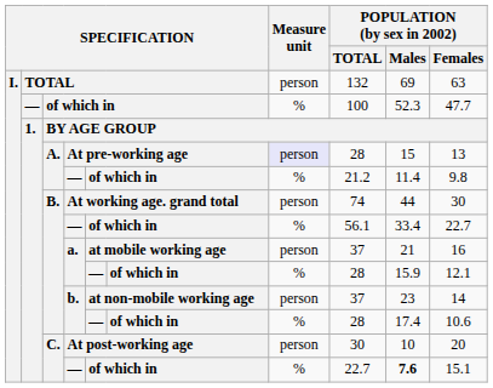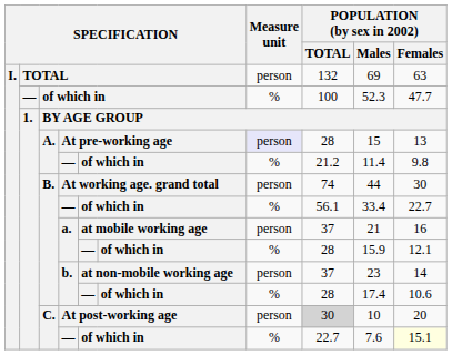 <table class="wikitable" style="font-size:85%; text-align:center">
 <tr>
 <th rowspan="2" colspan="6">SPECIFICATION</th>
 <th rowspan="2">Measure<br> unit</th>
 <th colspan="3" rowspan="1">POPULATION<br> (by sex in 2002)</th>
 </tr>
 <tr>
 <th>TOTAL</th>
 <th>Males</th>
 <th>Females</th>
 </tr>
 <tr>
 <th style="text-align:left" valign="top" rowspan="13">I.</th>
 <th style="text-align:left" colspan="5">TOTAL</th>
 <td>person</td>
 <td>132</td>
 <td>69</td>
 <td>63</td>
 </tr>
 <tr>
 <th style="text-align:left" valign="top">—</th>
 <th style="text-align:left" colspan="4">of which in</th>
 <td>%</td>
 <td>100</td>
 <td>52.3</td>
 <td>47.7</td>
 </tr>
 <tr>
 <th style="text-align:left" valign="top" rowspan="11">1.</th>
 <th style="text-align:left" colspan="19">BY AGE GROUP</th>
 </tr>
 <tr>
 <th style="text-align:left" valign="top" rowspan="2">A.</th>
 <th style="text-align:left" colspan="3">At pre-working age</th>
 <td style="background: lavender;">person</td>
 <td>28</td>
 <td>15</td>
 <td>13</td>
 </tr>
 <tr>
 <th style="text-align:left" valign="top">—</th>
 <th style="text-align:left" valign="top" colspan="2">of which in</th>
 <td>%</td>
 <td>21.2</td>
 <td>11.4</td>
 <td>9.8</td>
 </tr>
 <tr>
 <th style="text-align:left" valign="top" rowspan="6">B.</th>
 <th style="text-align:left" colspan="3">At working age. grand total</th>
 <td>person</td>
 <td>74</td>
 <td>44</td>
 <td>30</td>
 </tr>
 <tr>
 <th style="text-align:left" valign="top">—</th>
 <th style="text-align:left" valign="top" colspan="2">of which in</th>
 <td>%</td>
 <td>56.1</td>
 <td>33.4</td>
 <td>22.7</td>
 </tr>
 <tr>
 <th style="text-align:left" valign="top" rowspan="2">a.</th>
 <th style="text-align:left" colspan="2">at mobile working age</th>
 <td>person</td>
 <td>37</td>
 <td>21</td>
 <td>16</td>
 </tr>
 <tr>
 <th style="text-align:left" valign="top">—</th>
 <th style="text-align:left" valign="top" colspan="1">of which in                        </th>
 <td>%</td>
 <td>28</td>
 <td>15.9</td>
 <td>12.1</td>
 </tr>
 <tr>
 <th style="text-align:left" valign="top" rowspan="2">b.</th>
 <th style="text-align:left" colspan="2">at non-mobile working age</th>
 <td>person</td>
 <td>37</td>
 <td>23</td>
 <td>14</td>
 </tr>
 <tr>
 <th style="text-align:left" valign="top">—</th>
 <th style="text-align:left" valign="top" colspan="1">of which in                        </th>
 <td>%</td>
 <td>28</td>
 <td>17.4</td>
 <td>10.6</td>
 </tr>
 <tr>
 <th style="text-align:left" valign="top" rowspan="2">C.</th>
 <th style="text-align:left" colspan="3">At post-working age</th>
 <td>person</td>
-<td>30</td>
+<td style="background: lightgrey;">30</td>
 <td>10</td>
 <td>20</td>
 </tr>
 <tr>
 <th style="text-align:left" valign="top">—</th>
 <th style="text-align:left" valign="top" colspan="2">of which in</th>
 <td>%</td>
 <td>22.7</td>
-<td><strong>7.6</strong></td>
-<td>15.1</td>
+<td>7.6</td>
+<td style="background: lightyellow;">15.1</td>
 </tr>
 </table>
